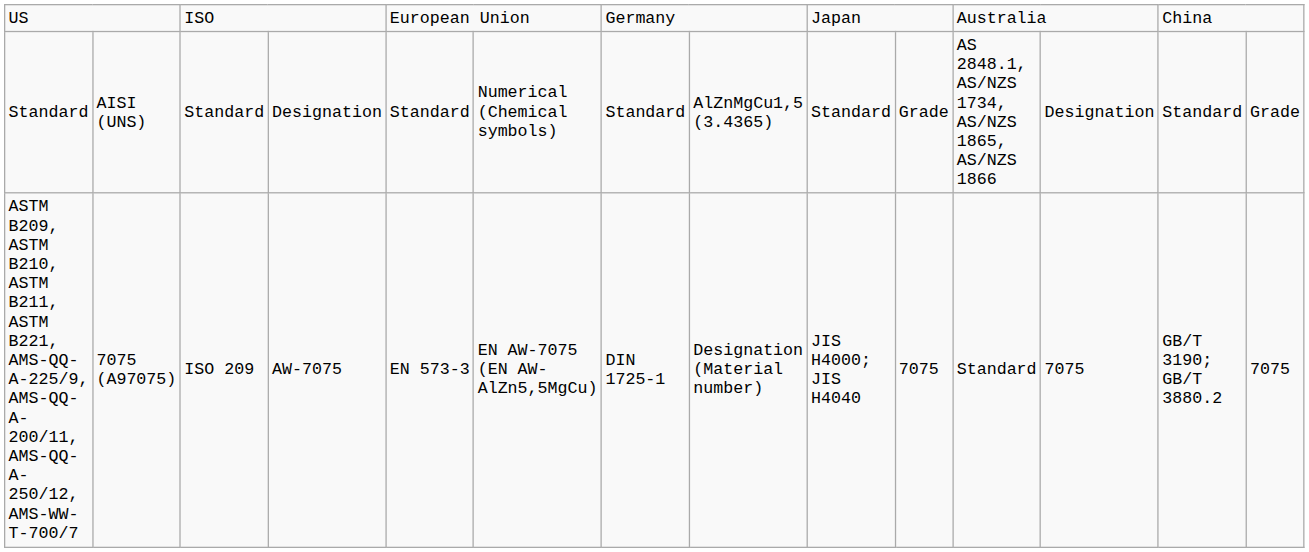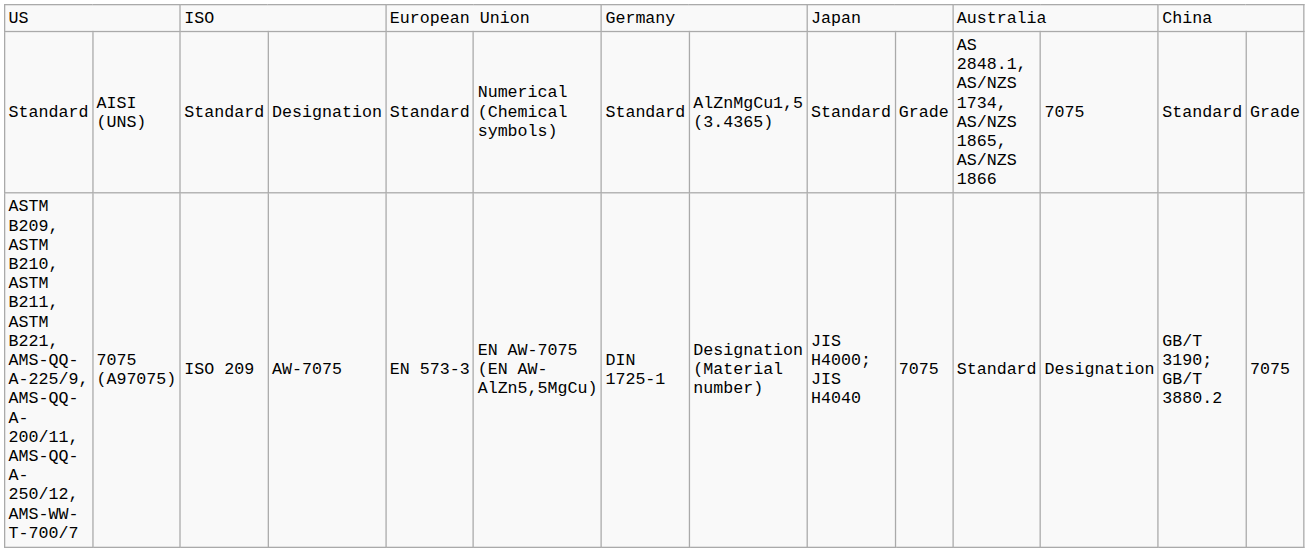 <table class="wikitable">
 <tr>
 <td colspan="2">US</td>
 <td colspan="2">ISO</td>
 <td colspan="2">European Union</td>
 <td colspan="2">Germany</td>
 <td colspan="2">Japan</td>
 <td colspan="2">Australia</td>
 <td colspan="2">China</td>
 </tr>
 <tr>
 <td>Standard</td>
 <td>AISI (UNS)</td>
 <td>Standard</td>
 <td>Designation</td>
 <td>Standard</td>
 <td>Numerical (Chemical symbols)</td>
 <td>Standard</td>
 <td>AlZnMgCu1,5 (3.4365)</td>
 <td>Standard</td>
 <td>Grade</td>
 <td>AS 2848.1,<br>AS/NZS 1734, AS/NZS 1865, AS/NZS 1866</td>
-<td>Designation</td>
+<td>7075</td>
 <td>Standard</td>
 <td>Grade</td>
 </tr>
 <tr>
 <td>ASTM  B209,<br>ASTM B210, ASTM B211, ASTM B221, AMS-QQ-A-225/9, AMS-QQ-A-200/11, AMS-QQ-A-250/12, AMS-WW-T-700/7</td>
 <td>7075<br>(A97075)</td>
 <td>ISO 209</td>
 <td>AW-7075</td>
 <td>EN 573-3</td>
 <td>EN AW-7075<br>(EN AW-AlZn5,5MgCu)</td>
 <td>DIN 1725-1</td>
 <td>Designation (Material number)</td>
 <td>JIS H4000;<br>JIS H4040</td>
 <td>7075</td>
 <td>Standard</td>
-<td>7075</td>
+<td>Designation</td>
 <td>GB/T 3190;<br>GB/T 3880.2</td>
 <td>7075</td>
 </tr>
 </table>
